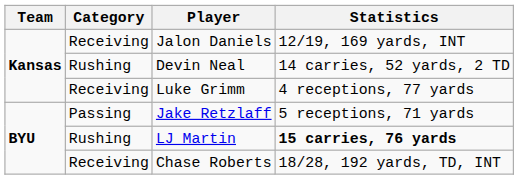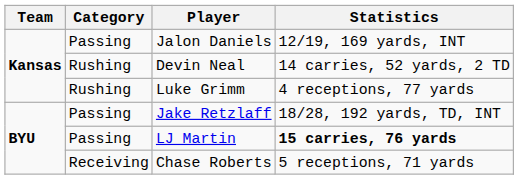 <table class="wikitable" style="float: right;">
 <tr>
 <th>Team</th>
 <th>Category</th>
 <th>Player</th>
 <th>Statistics</th>
 </tr>
 <tr>
 <td rowspan=3><strong>Kansas</strong></td>
-<td>Receiving</td>
+<td>Passing</td>
 <td>Jalon Daniels</td>
 <td>12/19, 169 yards, INT</td>
 </tr>
 <tr>
 <td>Rushing</td>
 <td>Devin Neal</td>
 <td>14 carries, 52 yards, 2 TD</td>
 </tr>
 <tr>
-<td>Receiving</td>
+<td>Rushing</td>
 <td>Luke Grimm</td>
 <td>4 receptions, 77 yards</td>
 </tr>
 <tr>
 <td rowspan=3><strong>BYU</strong></td>
 <td>Passing</td>
 <td><a href='#'>Jake Retzlaff</a></td>
-<td>5 receptions, 71 yards</td>
+<td>18/28, 192 yards, TD, INT</td>
 </tr>
 <tr>
-<td>Rushing</td>
+<td>Passing</td>
 <td><a href='#'>LJ Martin</a></td>
 <td><strong>15 carries, 76 yards</strong></td>
 </tr>
 <tr>
 <td>Receiving</td>
 <td>Chase Roberts</td>
-<td>18/28, 192 yards, TD, INT</td>
+<td>5 receptions, 71 yards</td>
 </tr>
 </table>
